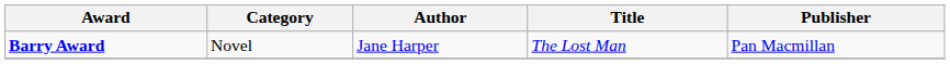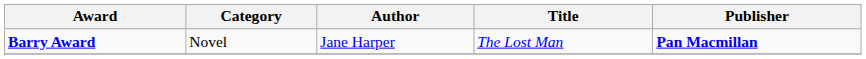 <table class="wikitable" width=100%>
 <tr>
 <th>Award</th>
 <th>Category</th>
 <th>Author</th>
 <th>Title</th>
 <th>Publisher</th>
 </tr>
 <tr>
 <td><strong><a href='#'>Barry Award</a></strong></td>
 <td>Novel</td>
 <td><a href='#'>Jane Harper</a></td>
 <td><em><a href='#'>The Lost Man</a></em></td>
-<td><a href='#'>Pan Macmillan</a></td>
+<td><strong><a href='#'>Pan Macmillan</a></strong></td>
 </tr>
 <tr>
 </tr>
 </table>
